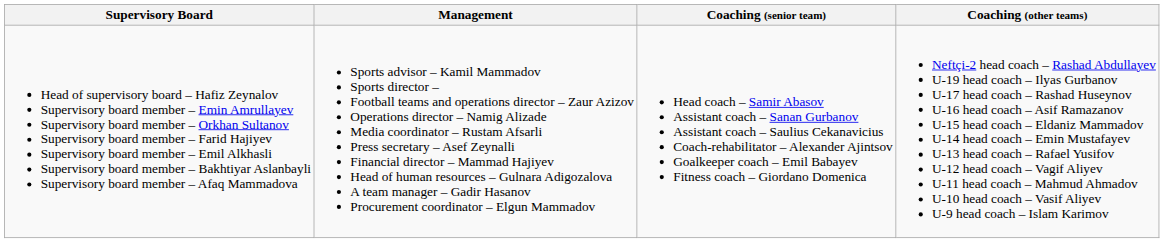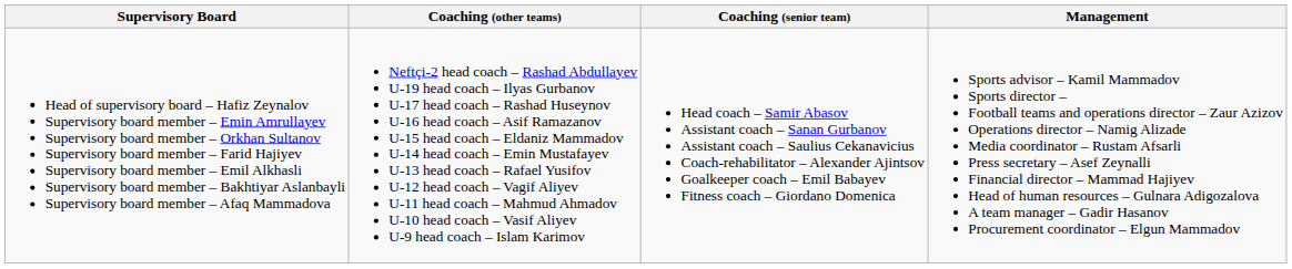 <table class="wikitable">
 <tr>
 <th>Supervisory Board</th>
+<th>Coaching <small>(other teams)</small></th>
+<th>Coaching <small>(senior team)</small></th>
 <th>Management</th>
-<th>Coaching <small>(senior team)</small></th>
-<th>Coaching <small>(other teams)</small></th>
 </tr>
 <tr>
 <td><br><ul><li>Head of supervisory board – Hafiz Zeynalov</li><li>Supervisory board member – <a href='#'>Emin Amrullayev</a></li><li>Supervisory board member – <a href='#'>Orkhan Sultanov</a></li><li>Supervisory board member – Farid Hajiyev</li><li>Supervisory board member – Emil Alkhasli</li><li>Supervisory board member – Bakhtiyar Aslanbayli</li><li>Supervisory board member – Afaq Mammadova</li></ul></td>
+<td><br><ul><li><a href='#'>Neftçi-2</a> head coach – <a href='#'>Rashad Abdullayev</a></li><li>U-19 head coach – Ilyas Gurbanov</li><li>U-17 head coach – Rashad Huseynov</li><li>U-16 head coach – Asif Ramazanov</li><li>U-15 head coach – Eldaniz Mammadov</li><li>U-14 head coach – Emin Mustafayev</li><li>U-13 head coach – Rafael Yusifov</li><li>U-12 head coach – Vagif Aliyev</li><li>U-11 head coach – Mahmud Ahmadov</li><li>U-10 head coach – Vasif Aliyev</li><li>U-9 head coach – Islam Karimov</li></ul></td>
+<td><br><ul><li>Head coach –  <a href='#'>Samir Abasov</a></li><li>Assistant coach –  <a href='#'>Sanan Gurbanov</a></li><li>Assistant coach –  Saulius Cekanavicius</li><li>Coach-rehabilitator –  Alexander Ajintsov</li><li>Goalkeeper coach –  Emil Babayev</li><li>Fitness coach –  Giordano Domenica</li></ul></td>
 <td><br><ul><li>Sports advisor – Kamil Mammadov</li><li>Sports director –</li><li>Football teams and operations director –  Zaur Azizov</li><li>Operations director –  Namig Alizade</li><li>Media coordinator –  Rustam Afsarli</li><li>Press secretary – Asef Zeynalli</li><li>Financial director –  Mammad Hajiyev</li><li>Head of human resources – Gulnara Adigozalova</li><li>A team manager – Gadir Hasanov</li><li>Procurement coordinator – Elgun Mammadov</li></ul></td>
-<td><br><ul><li>Head coach –  <a href='#'>Samir Abasov</a></li><li>Assistant coach –  <a href='#'>Sanan Gurbanov</a></li><li>Assistant coach –  Saulius Cekanavicius</li><li>Coach-rehabilitator –  Alexander Ajintsov</li><li>Goalkeeper coach –  Emil Babayev</li><li>Fitness coach –  Giordano Domenica</li></ul></td>
-<td><br><ul><li><a href='#'>Neftçi-2</a> head coach – <a href='#'>Rashad Abdullayev</a></li><li>U-19 head coach – Ilyas Gurbanov</li><li>U-17 head coach – Rashad Huseynov</li><li>U-16 head coach – Asif Ramazanov</li><li>U-15 head coach – Eldaniz Mammadov</li><li>U-14 head coach – Emin Mustafayev</li><li>U-13 head coach – Rafael Yusifov</li><li>U-12 head coach – Vagif Aliyev</li><li>U-11 head coach – Mahmud Ahmadov</li><li>U-10 head coach – Vasif Aliyev</li><li>U-9 head coach – Islam Karimov</li></ul></td>
 </tr>
 </table>
